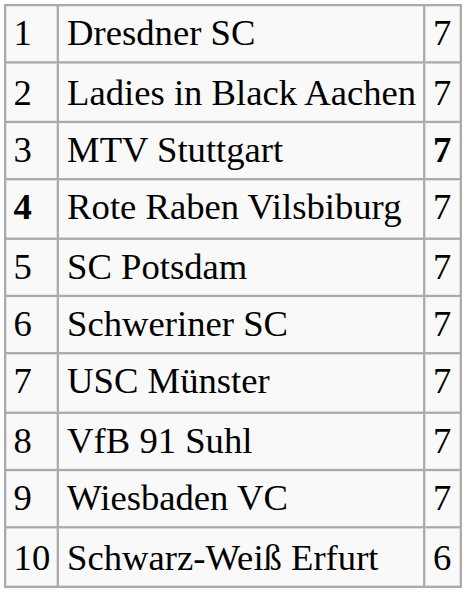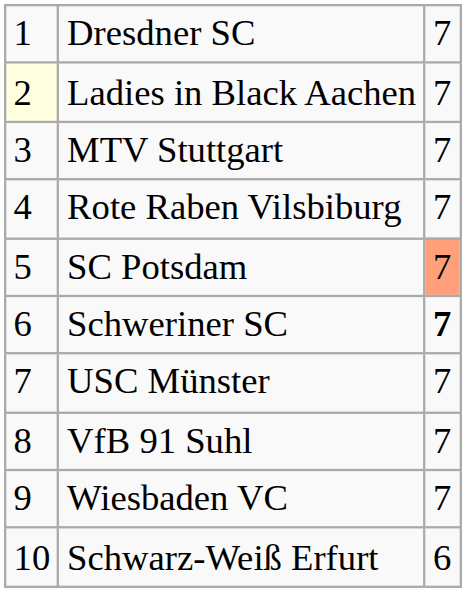 <table class="wikitable">
 <tr>
 <td>1</td>
 <td>Dresdner SC</td>
 <td>7</td>
 </tr>
 <tr>
-<td>2</td>
+<td style="background: lightyellow;">2</td>
 <td>Ladies in Black Aachen</td>
 <td>7</td>
 </tr>
 <tr>
 <td>3</td>
 <td>MTV Stuttgart</td>
-<td><strong>7</strong></td>
+<td>7</td>
 </tr>
 <tr>
-<td><strong>4</strong></td>
+<td>4</td>
 <td>Rote Raben Vilsbiburg</td>
 <td>7</td>
 </tr>
 <tr>
 <td>5</td>
 <td>SC Potsdam</td>
-<td>7</td>
+<td style="background: lightsalmon;">7</td>
 </tr>
 <tr>
 <td>6</td>
 <td>Schweriner SC</td>
-<td>7</td>
+<td><strong>7</strong></td>
 </tr>
 <tr>
 <td>7</td>
 <td>USC Münster</td>
 <td>7</td>
 </tr>
 <tr>
 <td>8</td>
 <td>VfB 91 Suhl</td>
 <td>7</td>
 </tr>
 <tr>
 <td>9</td>
 <td>Wiesbaden VC</td>
 <td>7</td>
 </tr>
 <tr>
 <td>10</td>
 <td>Schwarz-Weiß Erfurt</td>
 <td>6</td>
 </tr>
 </table>
